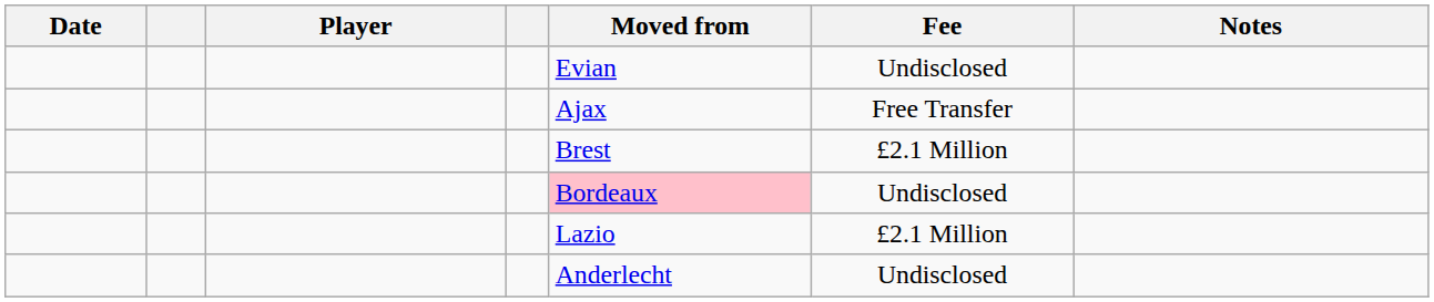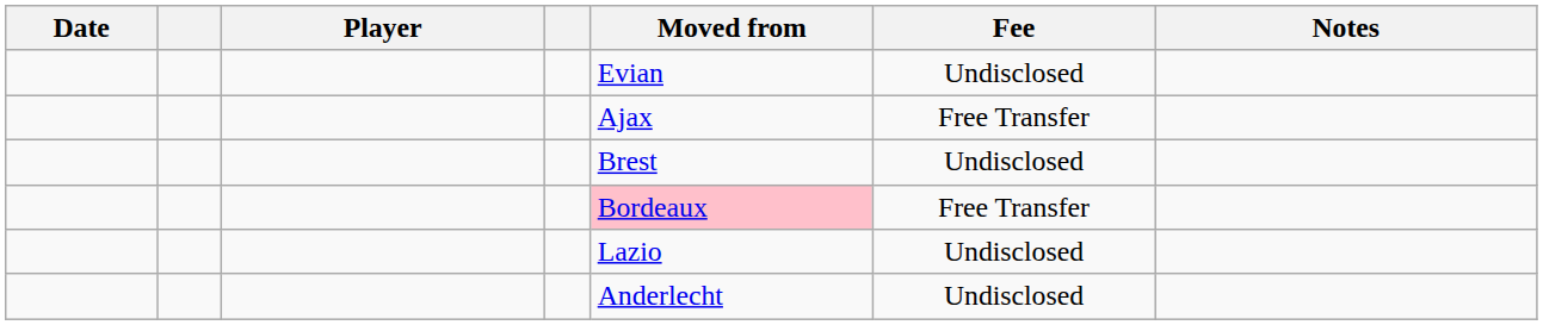 <table class="wikitable sortable">
 <tr>
 <th style="width:80px;">Date</th>
 <th style="width:30px;"></th>
 <th style="width:180px;">Player</th>
 <th style="width:20px;"></th>
 <th style="width:155px;">Moved from</th>
 <th style="width:155px;" class="unsortable">Fee</th>
 <th style="width:215px;" class="unsortable">Notes</th>
 </tr>
 <tr>
 <td></td>
 <td align=center></td>
 <td> </td>
 <td></td>
 <td> <a href='#'>Evian</a></td>
 <td align=center>Undisclosed</td>
 <td align=center></td>
 </tr>
 <tr>
 <td></td>
 <td align=center></td>
 <td> </td>
 <td></td>
 <td> <a href='#'>Ajax</a></td>
 <td align=center>Free Transfer</td>
 <td align=center></td>
 </tr>
 <tr>
 <td></td>
 <td align=center></td>
 <td> </td>
 <td></td>
 <td> <a href='#'>Brest</a></td>
-<td align=center>£2.1 Million</td>
+<td align=center>Undisclosed</td>
 <td align=center></td>
 </tr>
 <tr>
 <td></td>
 <td align=center></td>
 <td> </td>
 <td></td>
 <td style="background: pink;"> <a href='#'>Bordeaux</a></td>
-<td align=center>Undisclosed</td>
+<td align=center>Free Transfer</td>
 <td align=center></td>
 </tr>
 <tr>
 <td></td>
 <td align=center></td>
 <td> </td>
 <td></td>
 <td> <a href='#'>Lazio</a></td>
-<td align=center>£2.1 Million</td>
+<td align=center>Undisclosed</td>
 <td align=center></td>
 </tr>
 <tr>
 <td></td>
 <td align=center></td>
 <td> </td>
 <td></td>
 <td> <a href='#'>Anderlecht</a></td>
 <td align=center>Undisclosed</td>
 <td align=center></td>
 </tr>
 </table>
